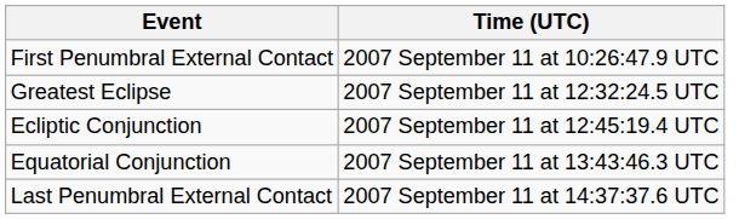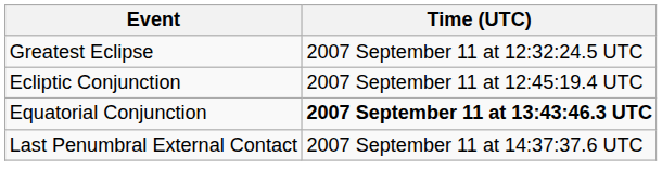 <table class="wikitable">
 <tr>
 <th>Event</th>
 <th>Time (UTC)</th>
-</tr>
-<tr>
-<td>First Penumbral External Contact</td>
-<td>2007 September 11 at 10:26:47.9 UTC</td>
 </tr>
 <tr>
 <td>Greatest Eclipse</td>
 <td>2007 September 11 at 12:32:24.5 UTC</td>
 </tr>
 <tr>
 <td>Ecliptic Conjunction</td>
 <td>2007 September 11 at 12:45:19.4 UTC</td>
 </tr>
 <tr>
 <td>Equatorial Conjunction</td>
-<td>2007 September 11 at 13:43:46.3 UTC</td>
+<td><strong>2007 September 11 at 13:43:46.3 UTC</strong></td>
 </tr>
 <tr>
 <td>Last Penumbral External Contact</td>
 <td>2007 September 11 at 14:37:37.6 UTC</td>
 </tr>
 </table>
